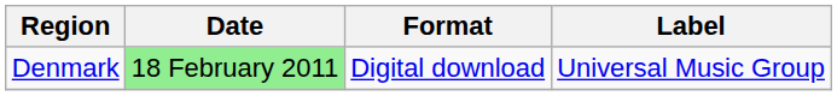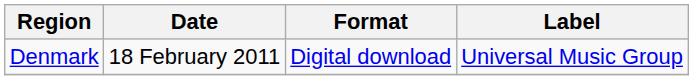 <table class=wikitable>
 <tr>
 <th>Region</th>
 <th>Date</th>
 <th>Format</th>
 <th>Label</th>
 </tr>
 <tr>
 <td><a href='#'>Denmark</a></td>
-<td style="background: lightgreen;">18 February 2011</td>
+<td>18 February 2011</td>
 <td><a href='#'>Digital download</a></td>
 <td><a href='#'>Universal Music Group</a></td>
 </tr>
 <tr>
 </tr>
 </table>
